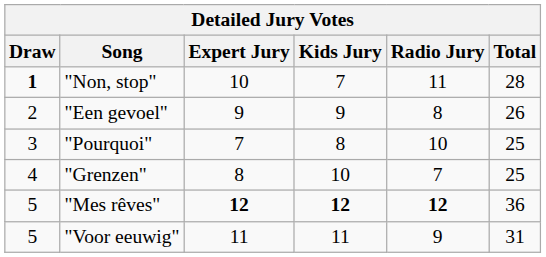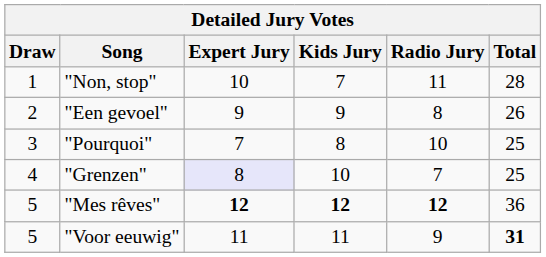 <table class="wikitable collapsible collapsed" style="margin: 1em auto 1em auto; text-align:center;">
 <tr>
 <th colspan="6">Detailed Jury Votes</th>
 </tr>
 <tr>
 <th>Draw</th>
 <th>Song</th>
 <th>Expert Jury</th>
 <th>Kids Jury</th>
 <th>Radio Jury</th>
 <th>Total</th>
 </tr>
 <tr>
-<td><strong>1</strong></td>
+<td>1</td>
 <td align="left">"Non, stop"</td>
 <td>10</td>
 <td>7</td>
 <td>11</td>
 <td>28</td>
 </tr>
 <tr>
 <td>2</td>
 <td align="left">"Een gevoel"</td>
 <td>9</td>
 <td>9</td>
 <td>8</td>
 <td>26</td>
 </tr>
 <tr>
 <td>3</td>
 <td align="left">"Pourquoi"</td>
 <td>7</td>
 <td>8</td>
 <td>10</td>
 <td>25</td>
 </tr>
 <tr>
 <td>4</td>
 <td align="left">"Grenzen"</td>
-<td>8</td>
+<td style="background: lavender;">8</td>
 <td>10</td>
 <td>7</td>
 <td>25</td>
 </tr>
 <tr>
 <td>5</td>
 <td align="left">"Mes rêves"</td>
 <td><strong>12</strong></td>
 <td><strong>12</strong></td>
 <td><strong>12</strong></td>
 <td>36</td>
 </tr>
 <tr>
 <td>5</td>
 <td align="left">"Voor eeuwig"</td>
 <td>11</td>
 <td>11</td>
 <td>9</td>
-<td>31</td>
+<td><strong>31</strong></td>
 </tr>
 </table>
